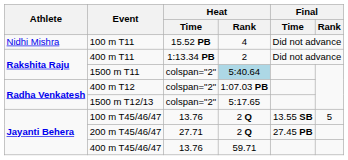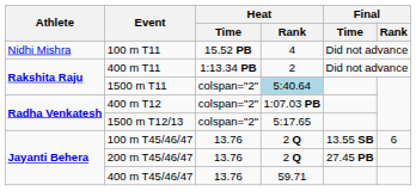 <table class="wikitable" style="text-align:center; font-size:90%">
 <tr>
 <th rowspan="2">Athlete</th>
 <th rowspan="2">Event</th>
 <th colspan="2">Heat</th>
 <th colspan="2">Final</th>
 </tr>
 <tr>
 <th>Time</th>
 <th>Rank</th>
 <th>Time</th>
 <th>Rank</th>
 </tr>
 <tr>
 <td align=left><a href='#'>Nidhi Mishra</a></td>
 <td align=left>100 m T11</td>
 <td>15.52 <strong>PB</strong></td>
 <td>4</td>
 <td colspan="2">Did not advance</td>
 </tr>
 <tr>
 <td align=left rowspan=2><strong><a href='#'>Rakshita Raju</a></strong></td>
 <td align=left>400 m T11</td>
 <td>1:13.34 <strong>PB</strong></td>
 <td>2</td>
 <td colspan="2">Did not advance</td>
 </tr>
 <tr>
 <td align=left>1500 m T11</td>
 <td>colspan="2" </td>
 <td style="background: lightblue;">5:40.64</td>
 <td></td>
 </tr>
 <tr>
 <td align=left rowspan=2><strong><a href='#'>Radha Venkatesh</a></strong></td>
 <td align=left>400 m T12</td>
 <td>colspan="2" </td>
 <td>1:07.03 <strong>PB</strong></td>
 <td></td>
 </tr>
 <tr>
 <td align=left>1500 m T12/13</td>
 <td>colspan="2" </td>
 <td>5:17.65</td>
 <td></td>
 </tr>
 <tr>
 <td align=left rowspan=3><strong><a href='#'>Jayanti Behera</a></strong></td>
 <td align=left>100 m T45/46/47</td>
 <td>13.76</td>
 <td>2 <strong>Q</strong></td>
 <td>13.55 <strong>SB</strong></td>
-<td>5</td>
+<td>6</td>
 </tr>
 <tr>
 <td align=left>200 m T45/46/47</td>
-<td>27.71</td>
+<td>13.76</td>
 <td>2 <strong>Q</strong></td>
 <td>27.45 <strong>PB</strong></td>
 <td></td>
 </tr>
 <tr>
 <td align=left>400 m T45/46/47</td>
 <td>13.76</td>
 <td>59.71</td>
 <td></td>
 </tr>
 </table>
